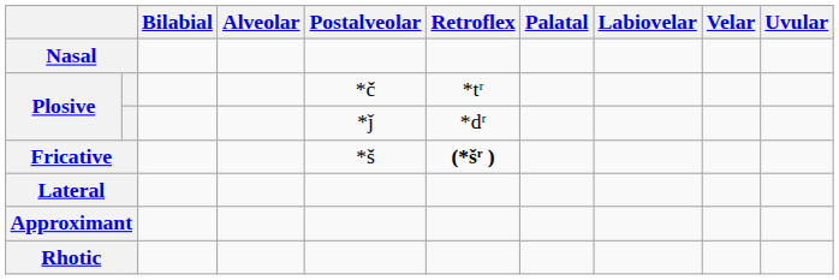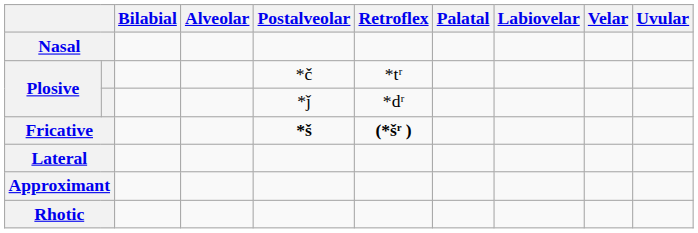 <table class=wikitable style=text-align:center>
 <tr>
 <th colspan=2></th>
 <th><a href='#'>Bilabial</a></th>
 <th><a href='#'>Alveolar</a></th>
 <th><a href='#'>Postalveolar</a></th>
 <th><a href='#'>Retroflex</a></th>
 <th><a href='#'>Palatal</a></th>
 <th><a href='#'>Labiovelar</a></th>
 <th><a href='#'>Velar</a></th>
 <th><a href='#'>Uvular</a></th>
 </tr>
 <tr>
 <th colspan="2"><a href='#'>Nasal</a></th>
 <td></td>
 <td></td>
 <td></td>
 <td></td>
 <td></td>
 <td></td>
 <td></td>
 <td></td>
 </tr>
 <tr>
 <th rowspan="2"><a href='#'>Plosive</a></th>
 <th></th>
 <td></td>
 <td></td>
 <td>*č </td>
 <td>*tʳ </td>
 <td></td>
 <td></td>
 <td></td>
 <td></td>
 </tr>
 <tr>
 <th></th>
 <td></td>
 <td></td>
 <td>*ǰ </td>
 <td>*dʳ </td>
 <td></td>
 <td></td>
 <td></td>
 <td></td>
 </tr>
 <tr>
 <th colspan="2"><a href='#'>Fricative</a></th>
 <td></td>
 <td></td>
-<td>*š </td>
+<td><strong>*š </strong></td>
 <td><strong>(*šʳ )</strong></td>
 <td></td>
 <td></td>
 <td></td>
 <td></td>
 </tr>
 <tr>
 <th colspan="2"><a href='#'>Lateral</a></th>
 <td></td>
 <td></td>
 <td></td>
 <td></td>
 <td></td>
 <td></td>
 <td></td>
 <td></td>
 </tr>
 <tr>
 <th colspan="2"><a href='#'>Approximant</a></th>
 <td></td>
 <td></td>
 <td></td>
 <td></td>
 <td></td>
 <td></td>
 <td></td>
 <td></td>
 </tr>
 <tr>
 <th colspan="2"><a href='#'>Rhotic</a></th>
 <td></td>
 <td></td>
 <td></td>
 <td></td>
 <td></td>
 <td></td>
 <td></td>
 <td></td>
 </tr>
 </table>
